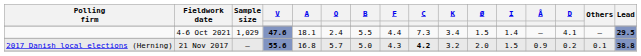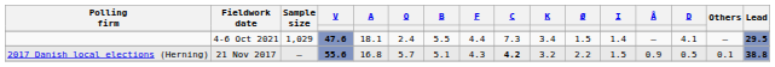 <table class="wikitable sortable mw-datatable" style="text-align:center;font-size:90%;line-height:14px;">
 <tr>
 <th rowspan="2">Polling<br>firm</th>
 <th rowspan="2">Fieldwork<br>date</th>
 <th rowspan="2">Sample<br>size</th>
 <th class="unsortable" style="width:40px;"><a href='#'>V</a></th>
 <th class="unsortable" style="width:40px;"><a href='#'>A</a></th>
 <th class="unsortable" style="width:40px;"><a href='#'>O</a></th>
 <th class="unsortable" style="width:40px;"><a href='#'>B</a></th>
 <th class="unsortable" style="width:40px;"><a href='#'>F</a></th>
 <th class="unsortable" style="width:40px;"><a href='#'>C</a></th>
 <th class="unsortable" style="width:40px;"><a href='#'>K</a></th>
 <th class="unsortable" style="width:40px;"><a href='#'>Ø</a></th>
 <th class="unsortable" style="width:40px;"><a href='#'>I</a></th>
 <th class="unsortable" style="width:40px;"><a href='#'>Å</a></th>
 <th class="unsortable" style="width:40px;"><a href='#'>D</a></th>
 <th class="unsortable" style="width:40px;" rowspan="2">Others</th>
 <th rowspan="2">Lead</th>
 </tr>
 <tr>
 <th data-sort-type="number" style="background:"></th>
 <th data-sort-type="number" style="background:"></th>
 <th data-sort-type="number" style="background:"></th>
 <th data-sort-type="number" style="background:"></th>
 <th data-sort-type="number" style="background:"></th>
 <th data-sort-type="number" style="background:"></th>
 <th data-sort-type="number" style="background:"></th>
 <th data-sort-type="number" style="background:"></th>
 <th data-sort-type="number" style="background:"></th>
 <th data-sort-type="number" style="background:"></th>
 <th data-sort-type="number" style="background:"></th>
 </tr>
 <tr>
 </tr>
 <tr>
 <td></td>
 <td>4-6 Oct 2021</td>
 <td>1,029</td>
 <td style="background:#8093C1;"><strong>47.6</strong></td>
 <td>18.1</td>
 <td>2.4</td>
 <td>5.5</td>
 <td>4.4</td>
 <td>7.3</td>
 <td>3.4</td>
 <td>1.5</td>
 <td>1.4</td>
 <td>—</td>
 <td>4.1</td>
 <td>—</td>
 <td style="background:#8093C1;"><strong>29.5</strong></td>
 </tr>
 <tr>
 </tr>
 <tr>
 <td style="background:#E9E9E9;"><a href='#'>2017 Danish local elections</a> (Herning)</td>
 <td style="background:#E9E9E9;" data-sort-value="2017-11-21">21 Nov 2017</td>
 <td style="background:#E9E9E9;">–</td>
 <td style="background:#8093C1;"><strong>55.6</strong></td>
 <td style="background:#E9E9E9;">16.8</td>
 <td style="background:#E9E9E9;">5.7</td>
-<td style="background:#E9E9E9;">5.0</td>
+<td style="background:#E9E9E9;">5.1</td>
 <td style="background:#E9E9E9;">4.3</td>
 <td style="background:#E9E9E9;"><strong>4.2</strong></td>
 <td style="background:#E9E9E9;">3.2</td>
-<td style="background:#E9E9E9;">2.0</td>
+<td style="background:#E9E9E9;">2.2</td>
 <td style="background:#E9E9E9;">1.5</td>
 <td style="background:#E9E9E9;">0.9</td>
-<td style="background:#E9E9E9;">0.2</td>
+<td style="background:#E9E9E9;">0.5</td>
 <td style="background:#E9E9E9;">0.1</td>
 <td style="background:#8093C1;"><strong>38.8</strong></td>
 </tr>
 <tr>
 </tr>
 </table>
